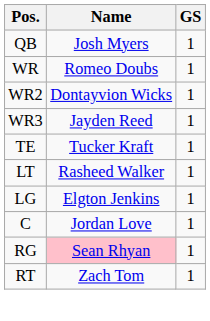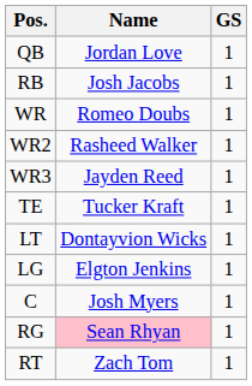 <table class="wikitable" style="text-align:center">
 <tr>
 <th>Pos.</th>
 <th>Name</th>
 <th>GS</th>
 </tr>
 <tr>
 <td>QB</td>
-<td><a href='#'>Josh Myers</a></td>
+<td><a href='#'>Jordan Love</a></td>
+<td>1</td>
+</tr>
+<tr>
+<td>RB</td>
+<td><a href='#'>Josh Jacobs</a></td>
 <td>1</td>
 </tr>
 <tr>
 <td>WR</td>
 <td><a href='#'>Romeo Doubs</a></td>
 <td>1</td>
 </tr>
 <tr>
 <td>WR2</td>
-<td><a href='#'>Dontayvion Wicks</a></td>
+<td><a href='#'>Rasheed Walker</a></td>
 <td>1</td>
 </tr>
 <tr>
 <td>WR3</td>
 <td><a href='#'>Jayden Reed</a></td>
 <td>1</td>
 </tr>
 <tr>
 <td>TE</td>
 <td><a href='#'>Tucker Kraft</a></td>
 <td>1</td>
 </tr>
 <tr>
 <td>LT</td>
-<td><a href='#'>Rasheed Walker</a></td>
+<td><a href='#'>Dontayvion Wicks</a></td>
 <td>1</td>
 </tr>
 <tr>
 <td>LG</td>
 <td><a href='#'>Elgton Jenkins</a></td>
 <td>1</td>
 </tr>
 <tr>
 <td>C</td>
-<td><a href='#'>Jordan Love</a></td>
+<td><a href='#'>Josh Myers</a></td>
 <td>1</td>
 </tr>
 <tr>
 <td>RG</td>
 <td style="background: pink;"><a href='#'>Sean Rhyan</a></td>
 <td>1</td>
 </tr>
 <tr>
 <td>RT</td>
 <td><a href='#'>Zach Tom</a></td>
 <td>1</td>
 </tr>
 </table>
